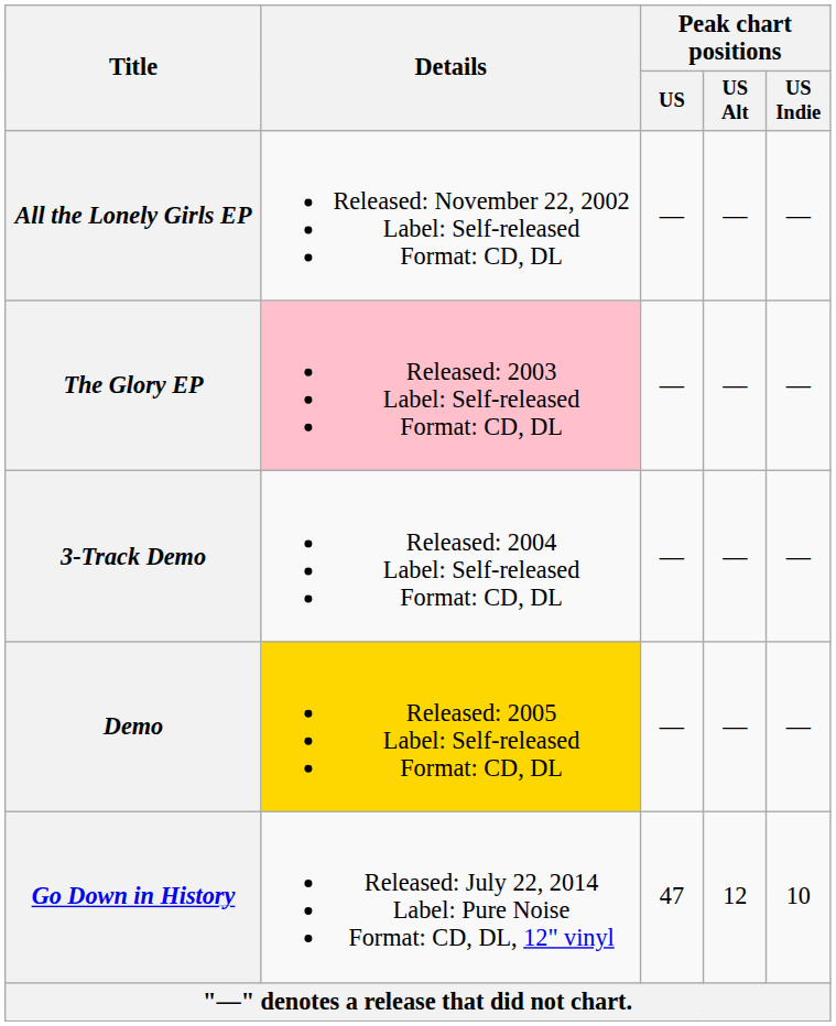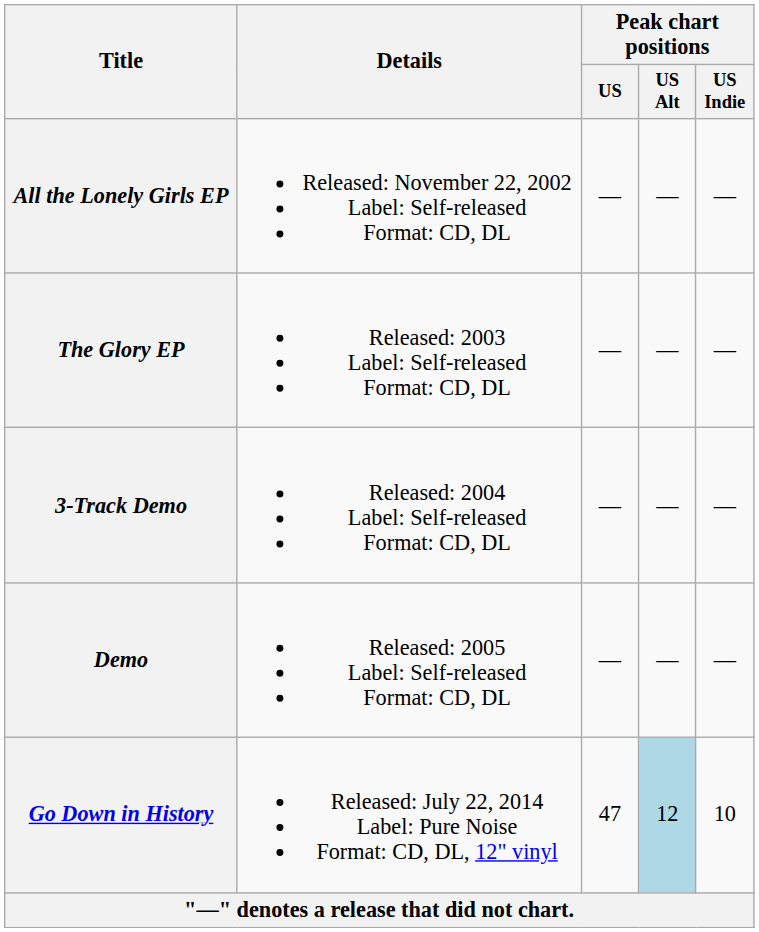 <table class="wikitable plainrowheaders" style="text-align:center;">
 <tr>
 <th rowspan="2" style="width:10em;">Title</th>
 <th rowspan="2" style="width:15em;">Details</th>
 <th colspan="3">Peak chart positions</th>
 </tr>
 <tr style="font-size:smaller;">
 <th width="35">US</th>
 <th width="35">US<br>Alt<br></th>
 <th width="35">US<br>Indie<br></th>
 </tr>
 <tr>
 <th scope="row"><em>All the Lonely Girls EP</em></th>
 <td><br><ul><li>Released: November 22, 2002</li><li>Label: Self-released</li><li>Format: CD, DL</li></ul></td>
 <td>—</td>
 <td>—</td>
 <td>—</td>
 </tr>
 <tr>
 <th scope="row"><em>The Glory EP</em></th>
-<td style="background: pink;"><br><ul><li>Released: 2003</li><li>Label: Self-released</li><li>Format: CD, DL</li></ul></td>
+<td><br><ul><li>Released: 2003</li><li>Label: Self-released</li><li>Format: CD, DL</li></ul></td>
 <td>—</td>
 <td>—</td>
 <td>—</td>
 </tr>
 <tr>
 <th scope="row"><em>3-Track Demo</em></th>
 <td><br><ul><li>Released: 2004</li><li>Label: Self-released</li><li>Format: CD, DL</li></ul></td>
 <td>—</td>
 <td>—</td>
 <td>—</td>
 </tr>
 <tr>
 <th scope="row"><em>Demo</em></th>
-<td style="background: gold;"><br><ul><li>Released: 2005</li><li>Label: Self-released</li><li>Format: CD, DL</li></ul></td>
+<td><br><ul><li>Released: 2005</li><li>Label: Self-released</li><li>Format: CD, DL</li></ul></td>
 <td>—</td>
 <td>—</td>
 <td>—</td>
 </tr>
 <tr>
 <th scope="row"><em><a href='#'>Go Down in History</a></em></th>
 <td><br><ul><li>Released: July 22, 2014</li><li>Label: Pure Noise</li><li>Format: CD, DL, <a href='#'>12" vinyl</a></li></ul></td>
 <td>47</td>
-<td>12</td>
+<td style="background: lightblue;">12</td>
 <td>10</td>
 </tr>
 <tr>
 <th colspan="10">"—" denotes a release that did not chart.</th>
 </tr>
 </table>
